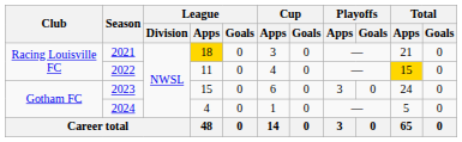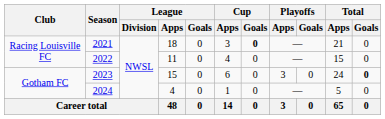 <table class="wikitable" style="text-align: center;">
 <tr>
 <th rowspan="2">Club</th>
 <th rowspan="2">Season</th>
 <th colspan="3">League</th>
 <th colspan="2">Cup</th>
 <th colspan="2">Playoffs</th>
 <th colspan="2">Total</th>
 </tr>
 <tr>
 <th>Division</th>
 <th>Apps</th>
 <th>Goals</th>
 <th>Apps</th>
 <th>Goals</th>
 <th>Apps</th>
 <th>Goals</th>
 <th>Apps</th>
 <th>Goals</th>
 </tr>
 <tr>
 <td rowspan="2"><a href='#'>Racing Louisville FC</a></td>
 <td><a href='#'>2021</a></td>
 <td rowspan="4"><a href='#'>NWSL</a></td>
-<td style="background: gold;">18</td>
+<td>18</td>
 <td>0</td>
 <td>3</td>
-<td>0</td>
+<td><strong>0</strong></td>
 <td colspan="2">—</td>
 <td>21</td>
 <td>0</td>
 </tr>
 <tr>
 <td><a href='#'>2022</a></td>
 <td>11</td>
 <td>0</td>
 <td>4</td>
 <td>0</td>
 <td colspan="2">—</td>
-<td style="background: gold;">15</td>
+<td>15</td>
 <td>0</td>
 </tr>
 <tr>
 <td rowspan="2"><a href='#'>Gotham FC</a></td>
 <td><a href='#'>2023</a></td>
 <td>15</td>
 <td>0</td>
 <td>6</td>
 <td>0</td>
 <td>3</td>
 <td>0</td>
 <td>24</td>
-<td>0</td>
+<td><strong>0</strong></td>
 </tr>
 <tr>
 <td><a href='#'>2024</a></td>
 <td>4</td>
 <td>0</td>
 <td>1</td>
 <td>0</td>
 <td colspan="2">—</td>
 <td>5</td>
 <td>0</td>
 </tr>
 <tr>
 <th colspan="3">Career total</th>
 <th>48</th>
 <th>0</th>
 <th>14</th>
 <th>0</th>
 <th>3</th>
 <th>0</th>
 <th>65</th>
 <th>0</th>
 </tr>
 </table>
